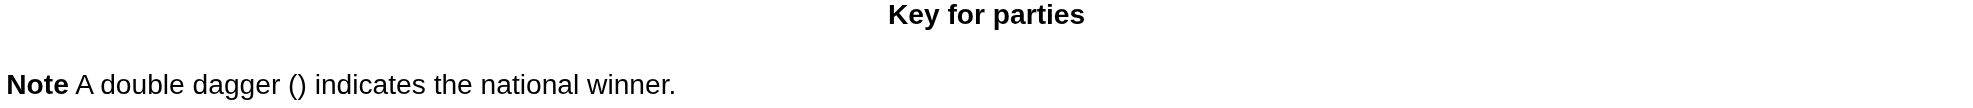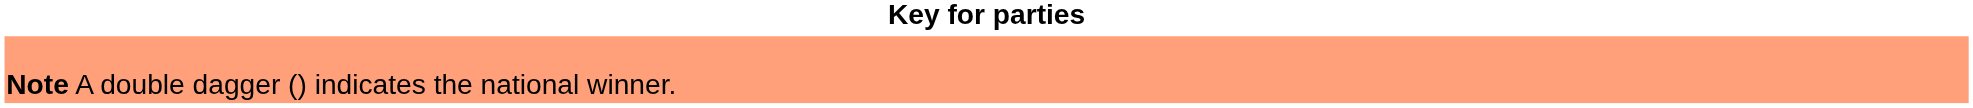 <table class="toccolours" style="width:70em">
 <tr>
 <th>Key for parties</th>
 </tr>
 <tr>
-<td><br>                   <strong>Note</strong>  A double dagger () indicates the national winner.</td>
+<td style="background: lightsalmon;"><br>                   <strong>Note</strong>  A double dagger () indicates the national winner.</td>
 </tr>
 </table>
